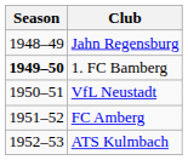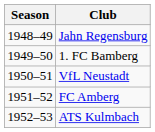 <table class="wikitable">
 <tr align="center" bgcolor="#dfdfdf">
 <th>Season</th>
 <th>Club</th>
 </tr>
 <tr>
 <td>1948–49</td>
 <td><a href='#'>Jahn Regensburg</a></td>
 </tr>
 <tr>
-<td><strong>1949–50</strong></td>
+<td>1949–50</td>
 <td>1. FC Bamberg</td>
 </tr>
 <tr>
 <td>1950–51</td>
 <td><a href='#'>VfL Neustadt</a></td>
 </tr>
 <tr>
 <td>1951–52</td>
 <td><a href='#'>FC Amberg</a></td>
 </tr>
 <tr>
 <td>1952–53</td>
 <td><a href='#'>ATS Kulmbach</a></td>
 </tr>
 </table>
